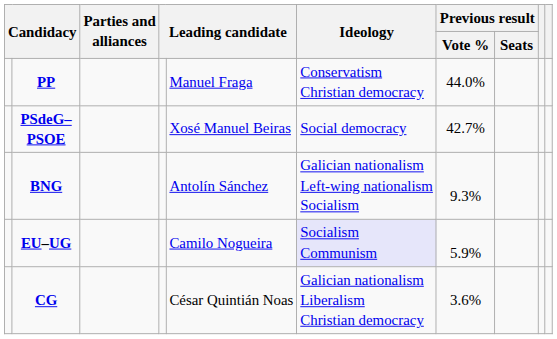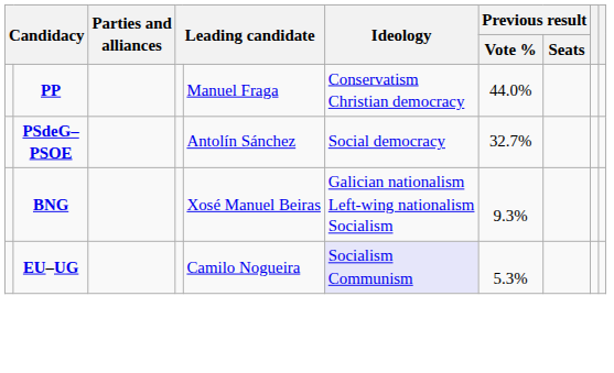 <table class="wikitable" style="line-height:1.35em; text-align:left;">
 <tr>
 <th colspan="2" rowspan="2">Candidacy</th>
 <th rowspan="2">Parties and<br>alliances</th>
 <th colspan="2" rowspan="2">Leading candidate</th>
 <th rowspan="2">Ideology</th>
 <th colspan="2">Previous result</th>
 <th rowspan="2"></th>
 <th rowspan="2"></th>
 </tr>
 <tr>
 <th>Vote %</th>
 <th>Seats</th>
 </tr>
 <tr>
 <td width="1" style="color:inherit;background:"></td>
 <td align="center"><strong><a href='#'>PP</a></strong></td>
 <td></td>
 <td></td>
 <td><a href='#'>Manuel Fraga</a></td>
 <td><a href='#'>Conservatism</a><br><a href='#'>Christian democracy</a></td>
 <td align="center">44.0%</td>
 <td></td>
 <td></td>
 <td></td>
 </tr>
 <tr>
 <td style="color:inherit;background:"></td>
 <td align="center"><strong><a href='#'>PSdeG–<br>PSOE</a></strong></td>
 <td></td>
 <td></td>
-<td><a href='#'>Xosé Manuel Beiras</a></td>
+<td><a href='#'>Antolín Sánchez</a></td>
 <td><a href='#'>Social democracy</a></td>
-<td align="center">42.7%</td>
+<td align="center">32.7%</td>
 <td></td>
 <td></td>
 <td></td>
 </tr>
 <tr>
 <td style="color:inherit;background:"></td>
 <td align="center"><strong><a href='#'>BNG</a></strong></td>
 <td></td>
 <td></td>
-<td><a href='#'>Antolín Sánchez</a></td>
+<td><a href='#'>Xosé Manuel Beiras</a></td>
 <td><a href='#'>Galician nationalism</a><br><a href='#'>Left-wing nationalism</a><br><a href='#'>Socialism</a></td>
 <td align="center"><br>9.3%<br></td>
 <td></td>
 <td></td>
 <td></td>
 </tr>
 <tr>
 <td style="color:inherit;background:"></td>
 <td align="center"><strong><a href='#'>EU</a>–<a href='#'>UG</a></strong></td>
 <td></td>
 <td></td>
 <td><a href='#'>Camilo Nogueira</a></td>
 <td style="background: lavender;"><a href='#'>Socialism</a><br><a href='#'>Communism</a></td>
-<td align="center"><br>5.9%<br></td>
-<td></td>
-<td></td>
-<td></td>
-</tr>
-<tr>
-<td style="color:inherit;background:"></td>
-<td align="center"><strong><a href='#'>CG</a></strong></td>
-<td></td>
-<td></td>
-<td>César Quintián Noas</td>
-<td><a href='#'>Galician nationalism</a><br><a href='#'>Liberalism</a><br><a href='#'>Christian democracy</a></td>
-<td align="center">3.6%</td>
+<td align="center"><br>5.3%<br></td>
 <td></td>
 <td></td>
 <td></td>
 </tr>
 </table>
